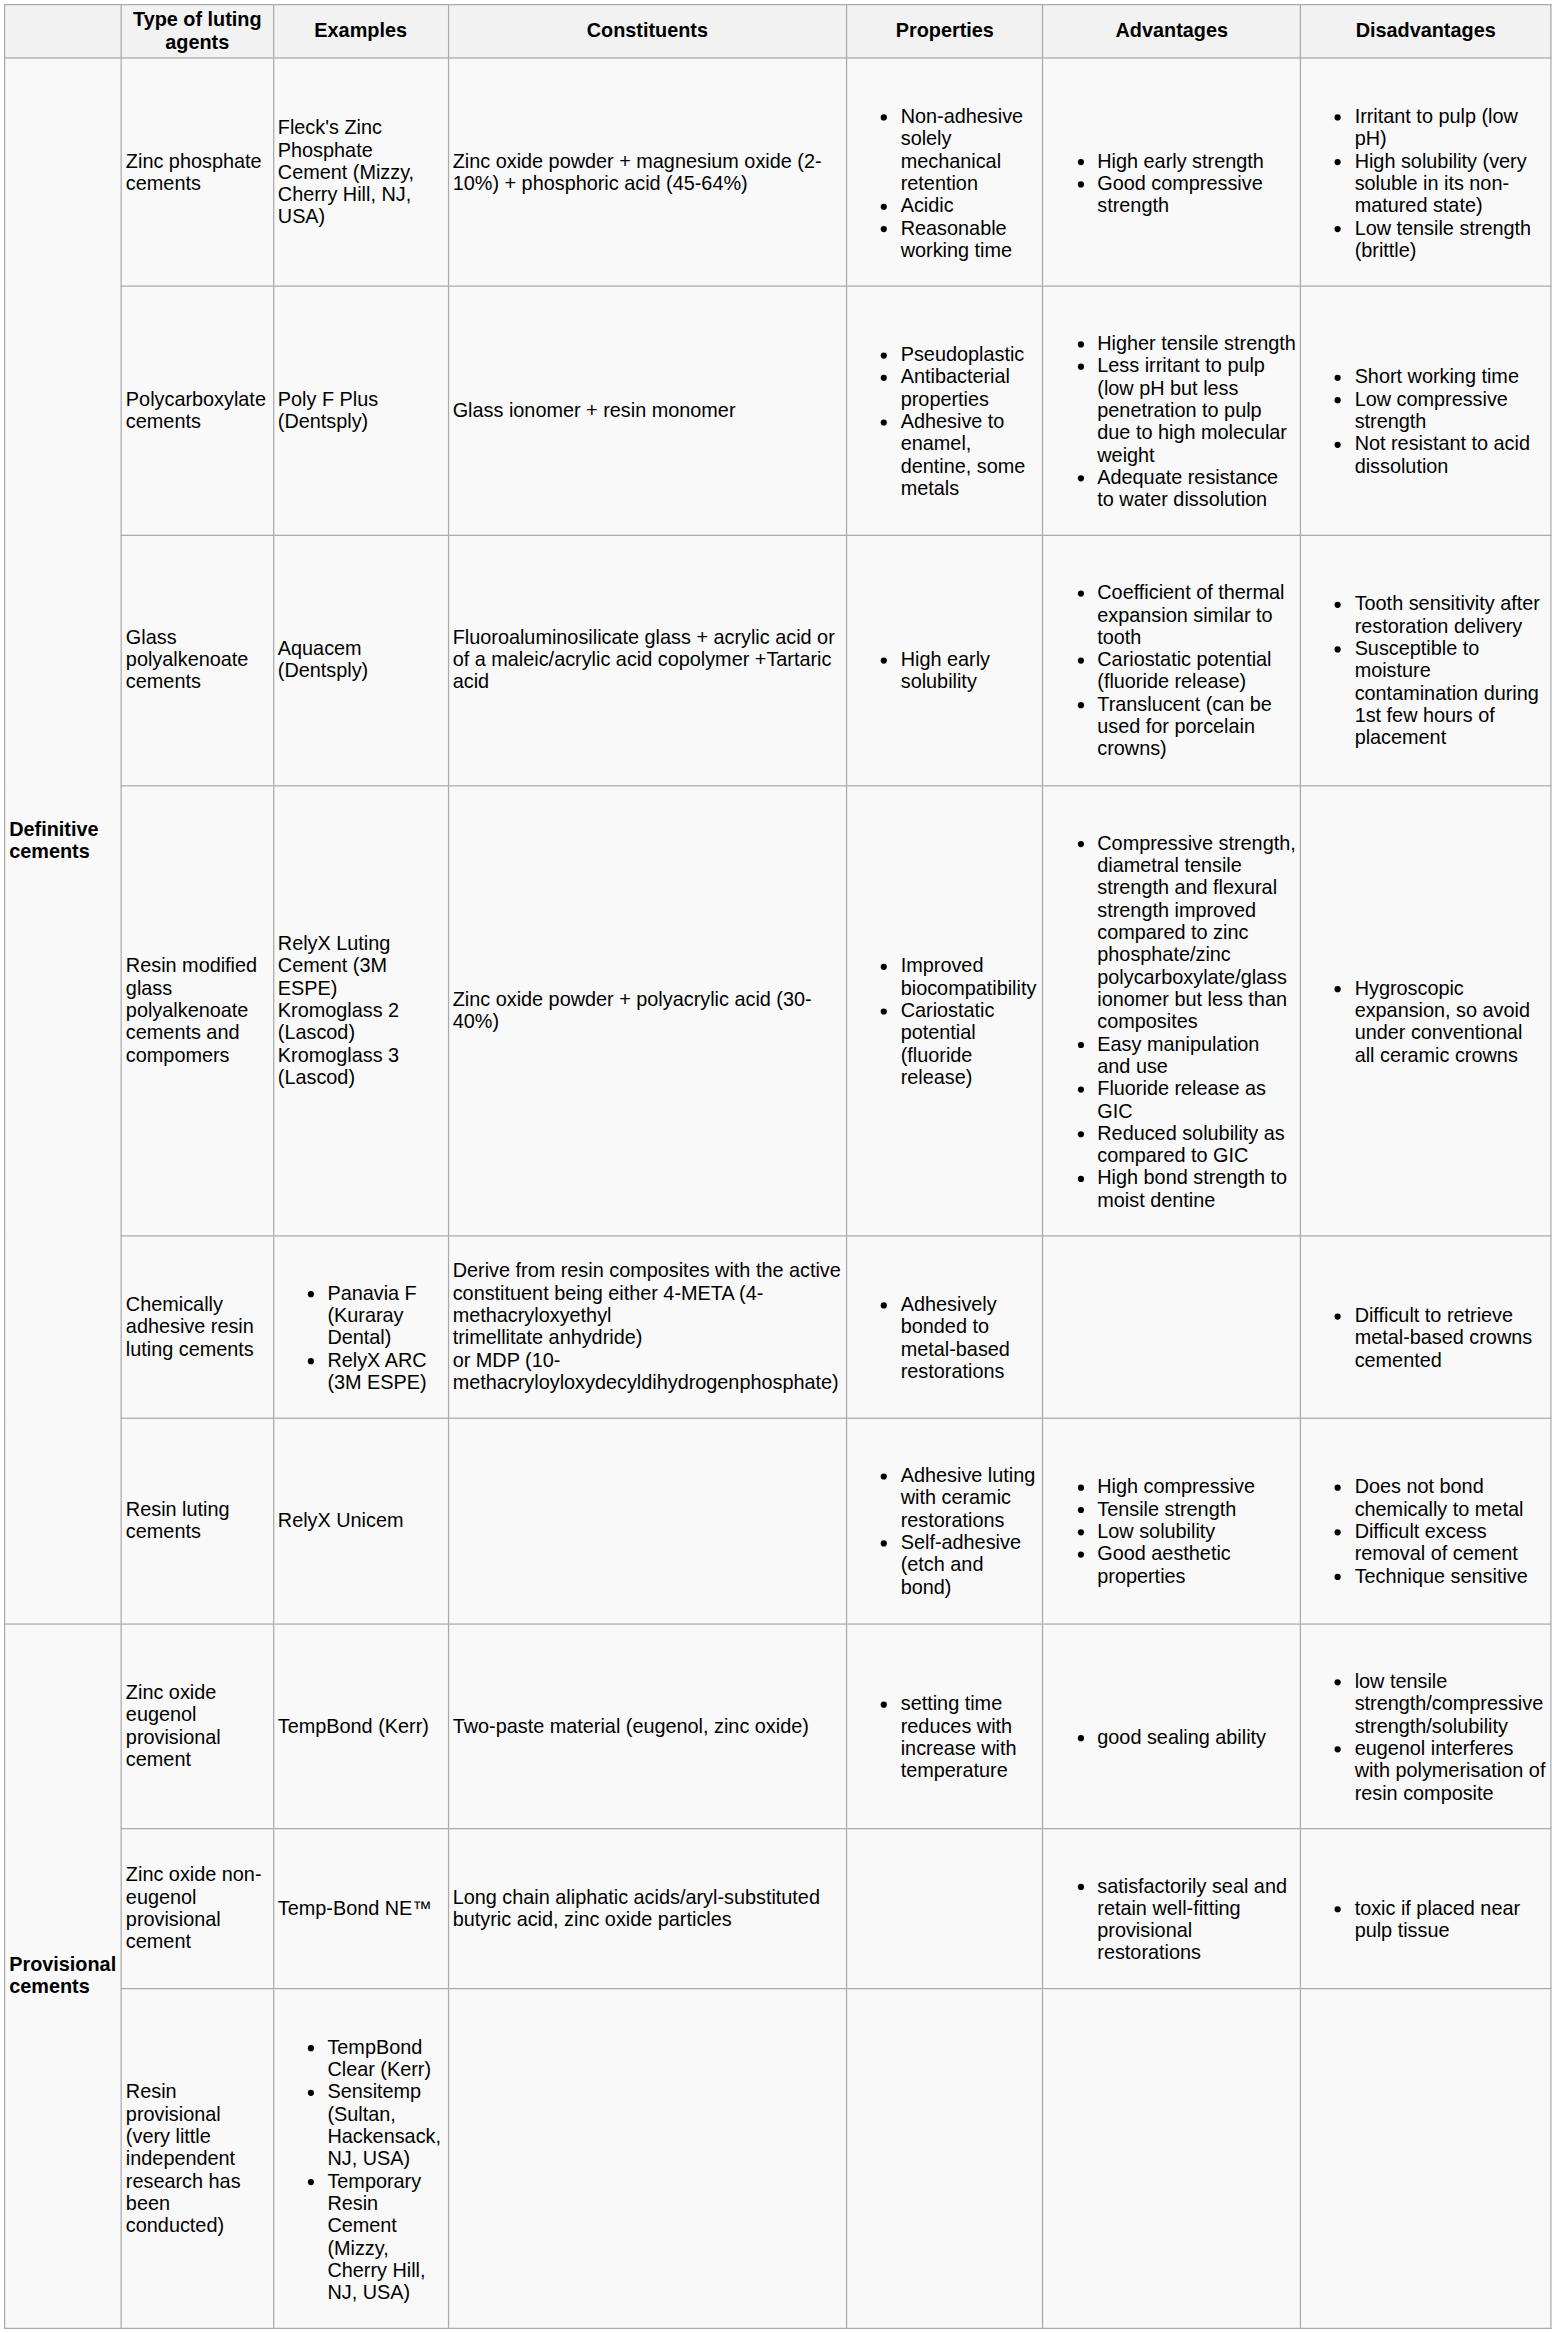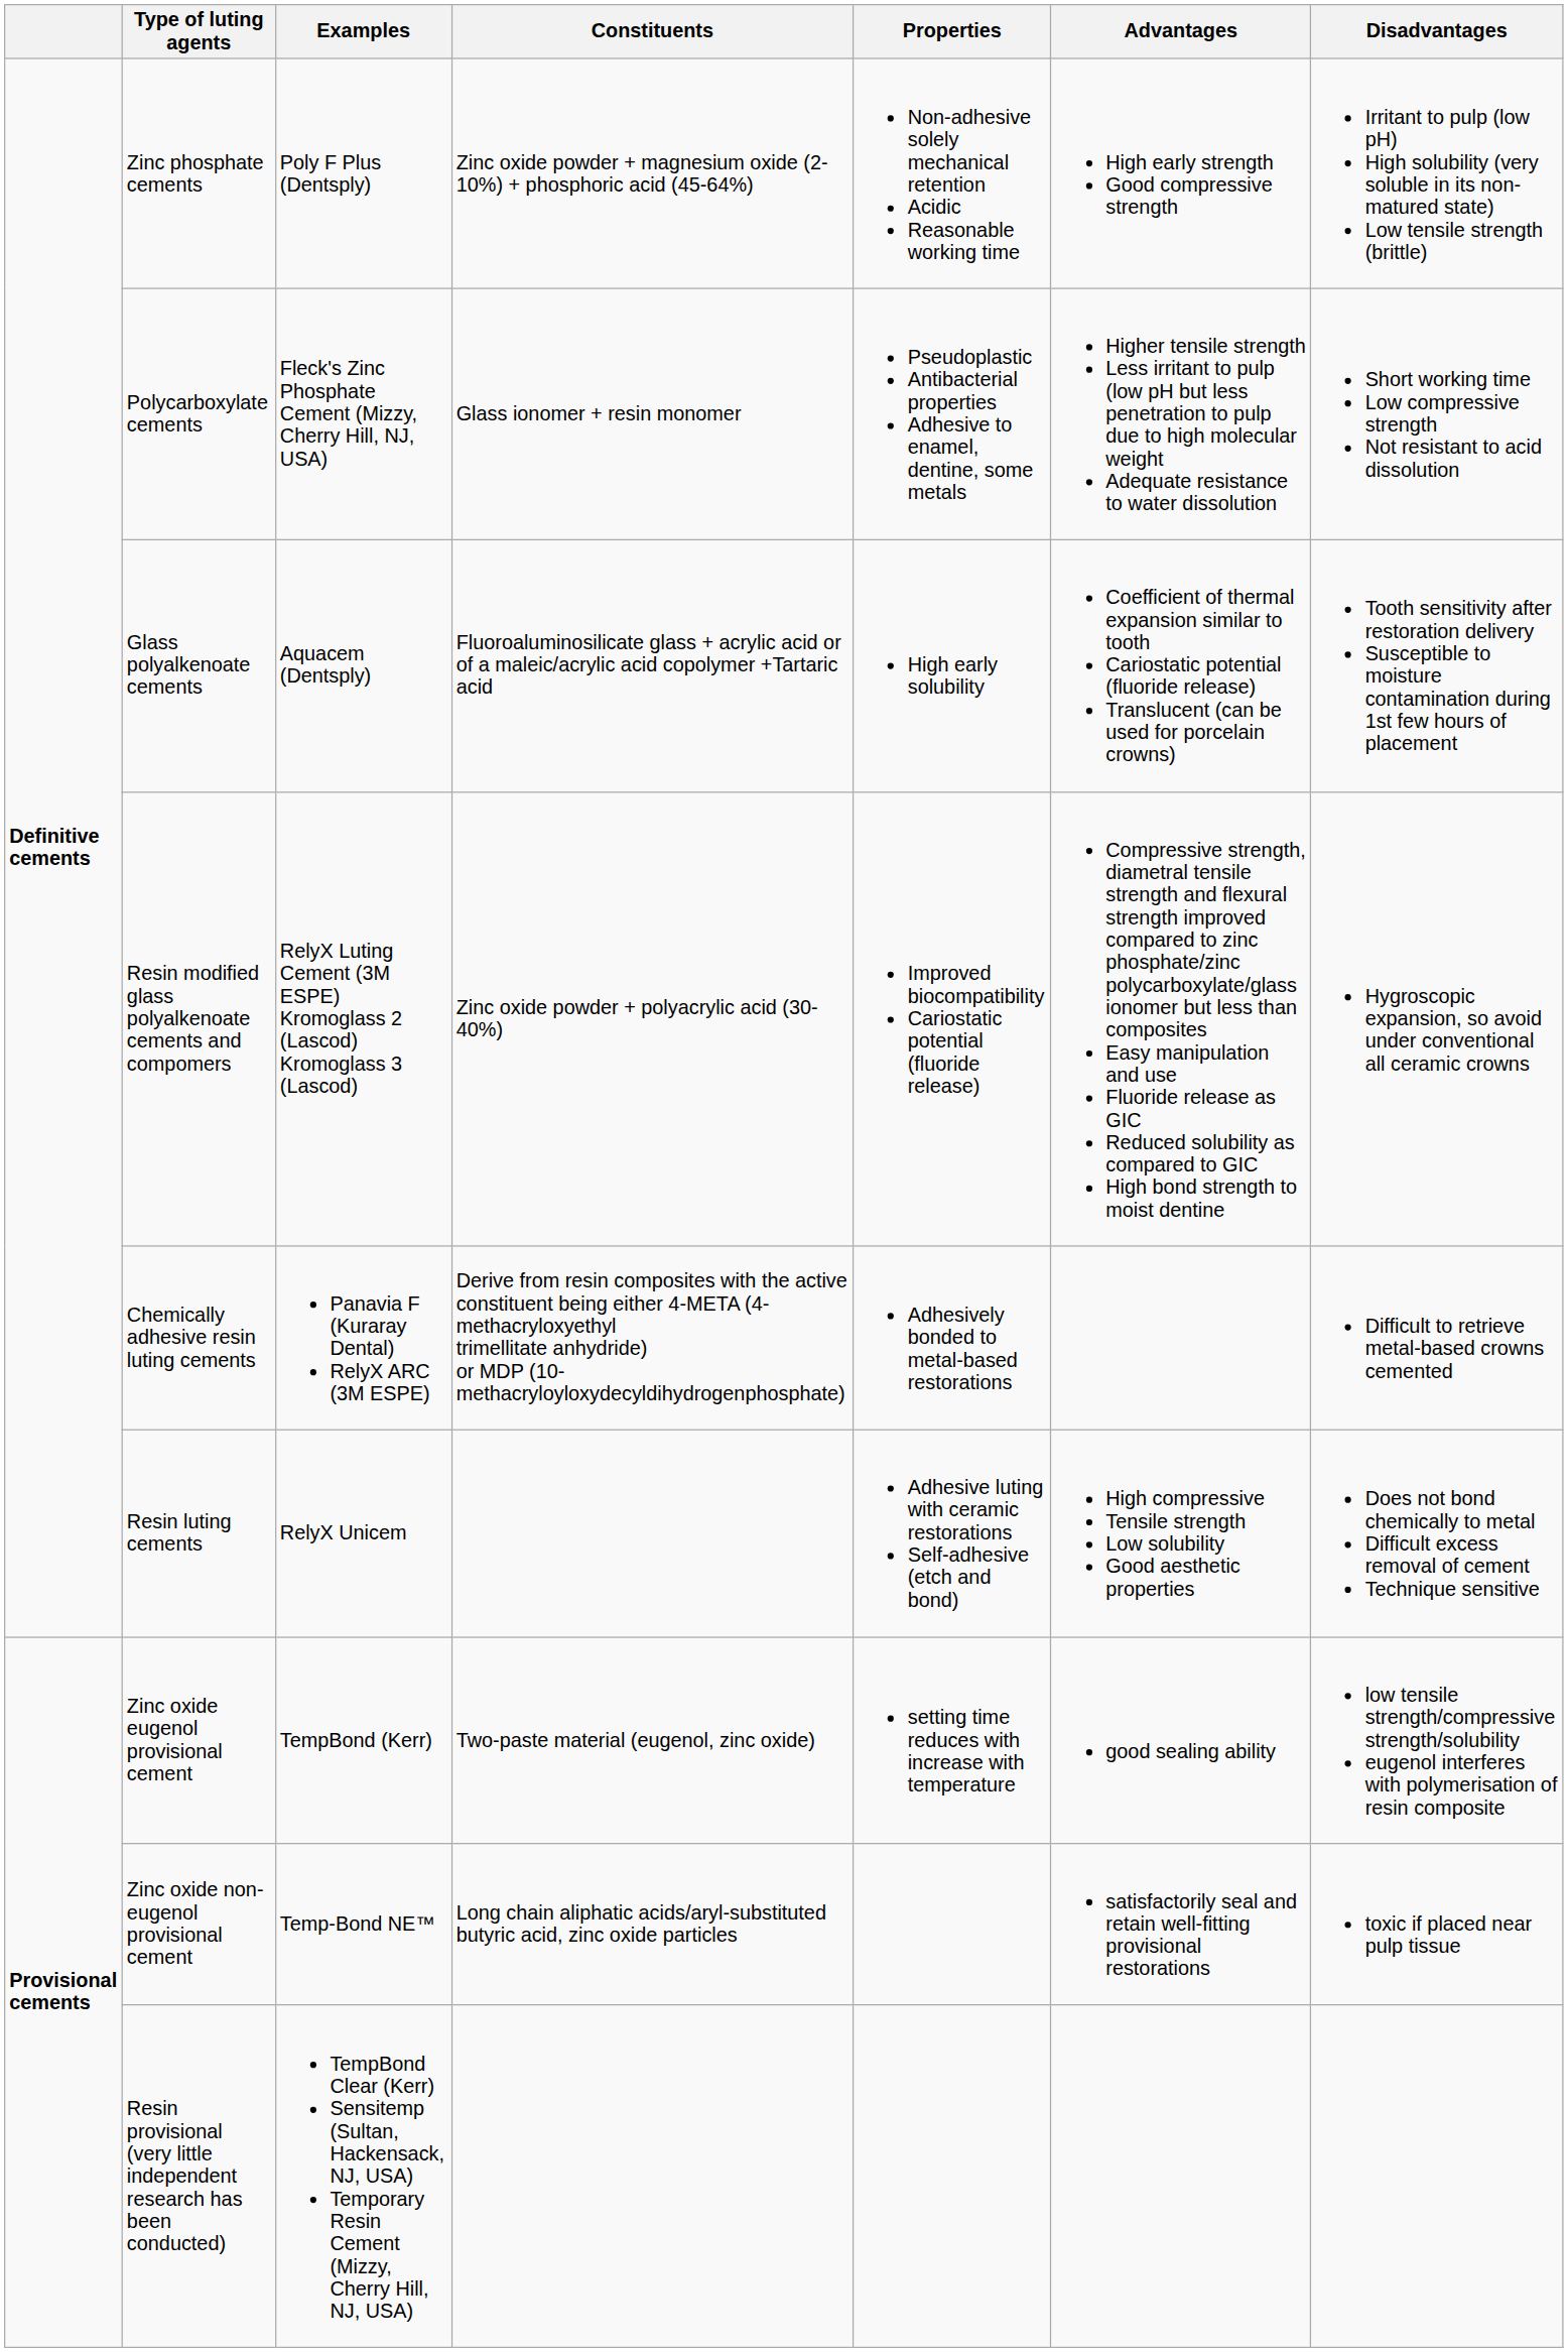 <table class="wikitable sortable mw-collapsible">
 <tr>
 <th></th>
 <th>Type of luting agents</th>
 <th>Examples</th>
 <th>Constituents</th>
 <th>Properties</th>
 <th>Advantages</th>
 <th>Disadvantages</th>
 </tr>
 <tr>
 <td rowspan="6"><strong>Definitive cements</strong></td>
 <td>Zinc phosphate cements</td>
-<td>Fleck's Zinc Phosphate Cement (Mizzy, Cherry Hill, NJ, USA)</td>
+<td>Poly F Plus (Dentsply)</td>
 <td>Zinc oxide powder + magnesium oxide (2-10%) + phosphoric acid (45-64%)</td>
 <td><br><ul><li>Non-adhesive solely mechanical retention</li><li>Acidic</li><li>Reasonable working time</li></ul></td>
 <td><br><ul><li>High early strength</li><li>Good compressive strength</li></ul></td>
 <td><br><ul><li>Irritant to pulp (low pH)</li><li>High solubility (very soluble in its non-matured state)</li><li>Low tensile strength (brittle)</li></ul></td>
 </tr>
 <tr>
 <td>Polycarboxylate cements</td>
-<td>Poly F Plus (Dentsply)</td>
+<td>Fleck's Zinc Phosphate Cement (Mizzy, Cherry Hill, NJ, USA)</td>
 <td>Glass ionomer + resin monomer</td>
 <td><br><ul><li>Pseudoplastic</li><li>Antibacterial properties</li><li>Adhesive to enamel, dentine, some metals</li></ul></td>
 <td><br><ul><li>Higher tensile strength</li><li>Less irritant to pulp (low pH but less penetration to pulp due to high molecular weight</li><li>Adequate resistance to water dissolution</li></ul></td>
 <td><br><ul><li>Short working time</li><li>Low compressive strength</li><li>Not resistant to acid dissolution</li></ul></td>
 </tr>
 <tr>
 <td>Glass polyalkenoate cements</td>
 <td>Aquacem (Dentsply)</td>
 <td>Fluoroaluminosilicate glass + acrylic acid or of a maleic/acrylic acid copolymer +Tartaric acid</td>
 <td><br><ul><li>High early solubility</li></ul></td>
 <td><br><ul><li>Coefficient of thermal expansion similar to tooth</li><li>Cariostatic potential (fluoride release)</li><li>Translucent (can be used for porcelain crowns)</li></ul></td>
 <td><br><ul><li>Tooth sensitivity after restoration delivery</li><li>Susceptible to moisture contamination during 1st few hours of placement</li></ul></td>
 </tr>
 <tr>
 <td>Resin modified glass polyalkenoate cements and compomers</td>
 <td>RelyX Luting Cement (3M ESPE)<br>Kromoglass 2 (Lascod) Kromoglass 3 (Lascod)</td>
 <td>Zinc oxide powder + polyacrylic acid (30-40%)</td>
 <td><br><ul><li>Improved biocompatibility</li><li>Cariostatic potential (fluoride release)</li></ul></td>
 <td><br><ul><li>Compressive strength, diametral tensile strength and flexural strength improved compared to zinc phosphate/zinc polycarboxylate/glass ionomer but less than composites</li><li>Easy manipulation and use</li><li>Fluoride release as GIC</li><li>Reduced solubility as compared to GIC</li><li>High bond strength to moist dentine</li></ul></td>
 <td><br><ul><li>Hygroscopic expansion, so avoid under conventional all ceramic crowns</li></ul></td>
 </tr>
 <tr>
 <td>Chemically adhesive resin luting cements</td>
 <td><br><ul><li>Panavia F (Kuraray Dental)</li><li>RelyX ARC (3M ESPE)</li></ul></td>
 <td>Derive from resin composites with the active constituent being either 4-META (4-methacryloxyethyl<br>trimellitate anhydride)<br>or MDP (10-<br>methacryloyloxydecyldihydrogenphosphate)</td>
 <td><br><ul><li>Adhesively bonded to metal-based restorations</li></ul></td>
 <td></td>
 <td><br><ul><li>Difficult to retrieve metal-based crowns cemented</li></ul></td>
 </tr>
 <tr>
 <td>Resin luting cements</td>
 <td>RelyX Unicem</td>
 <td></td>
 <td><br><ul><li>Adhesive luting with ceramic restorations</li><li>Self-adhesive (etch and bond)</li></ul></td>
 <td><br><ul><li>High compressive</li><li>Tensile strength</li><li>Low solubility</li><li>Good aesthetic properties</li></ul></td>
 <td><br><ul><li>Does not bond chemically to metal</li><li>Difficult excess removal of cement</li><li>Technique sensitive</li></ul></td>
 </tr>
 <tr>
 <td rowspan="3"><strong>Provisional cements</strong></td>
 <td>Zinc oxide eugenol provisional cement</td>
 <td>TempBond (Kerr)</td>
 <td>Two-paste material (eugenol, zinc oxide)</td>
 <td><br><ul><li>setting time reduces with increase with temperature</li></ul></td>
 <td><br><ul><li>good sealing ability</li></ul></td>
 <td><br><ul><li>low tensile strength/compressive strength/solubility</li><li>eugenol interferes with polymerisation of resin composite</li></ul></td>
 </tr>
 <tr>
 <td>Zinc oxide non-eugenol provisional cement</td>
 <td>Temp-Bond NE™</td>
 <td>Long chain aliphatic acids/aryl-substituted butyric acid, zinc oxide particles</td>
 <td></td>
 <td><br><ul><li>satisfactorily seal and retain well-fitting provisional restorations</li></ul></td>
 <td><br><ul><li>toxic if placed near pulp tissue</li></ul></td>
 </tr>
 <tr>
 <td>Resin provisional<br>(very little independent research has been conducted)</td>
 <td><br><ul><li>TempBond Clear (Kerr)</li><li>Sensitemp (Sultan, Hackensack, NJ, USA)</li><li>Temporary Resin Cement (Mizzy, Cherry Hill, NJ, USA)</li></ul></td>
 <td></td>
 <td></td>
 <td></td>
 <td></td>
 </tr>
 </table>
